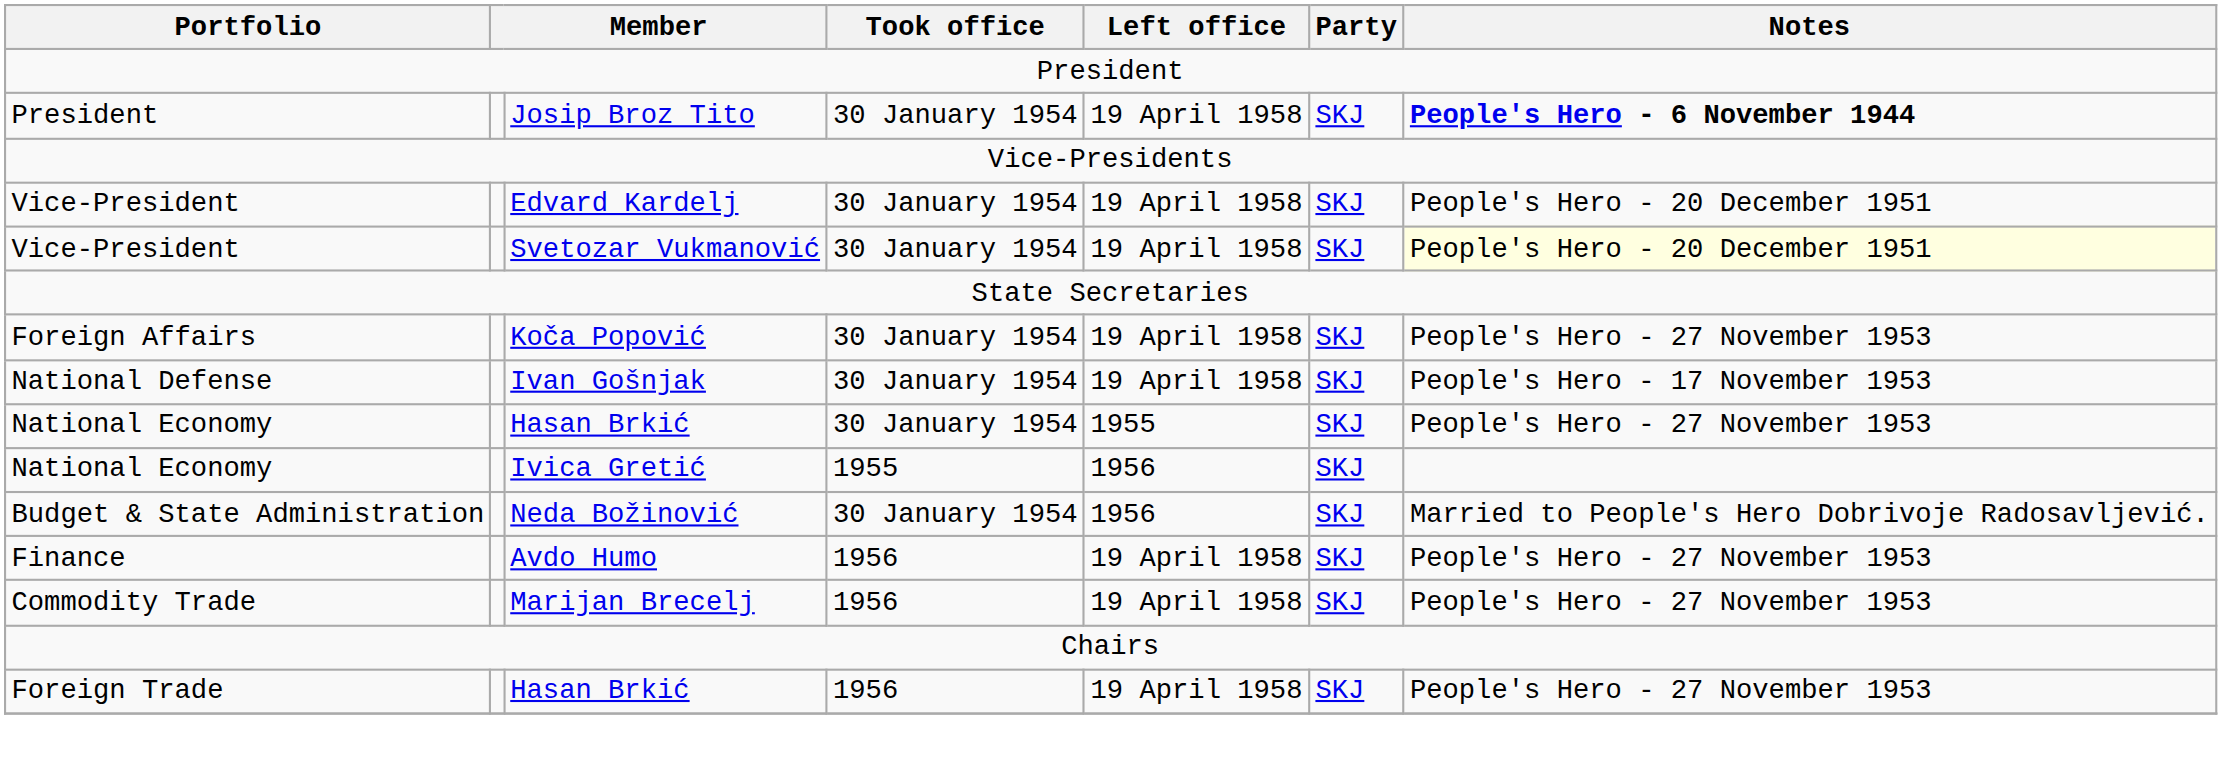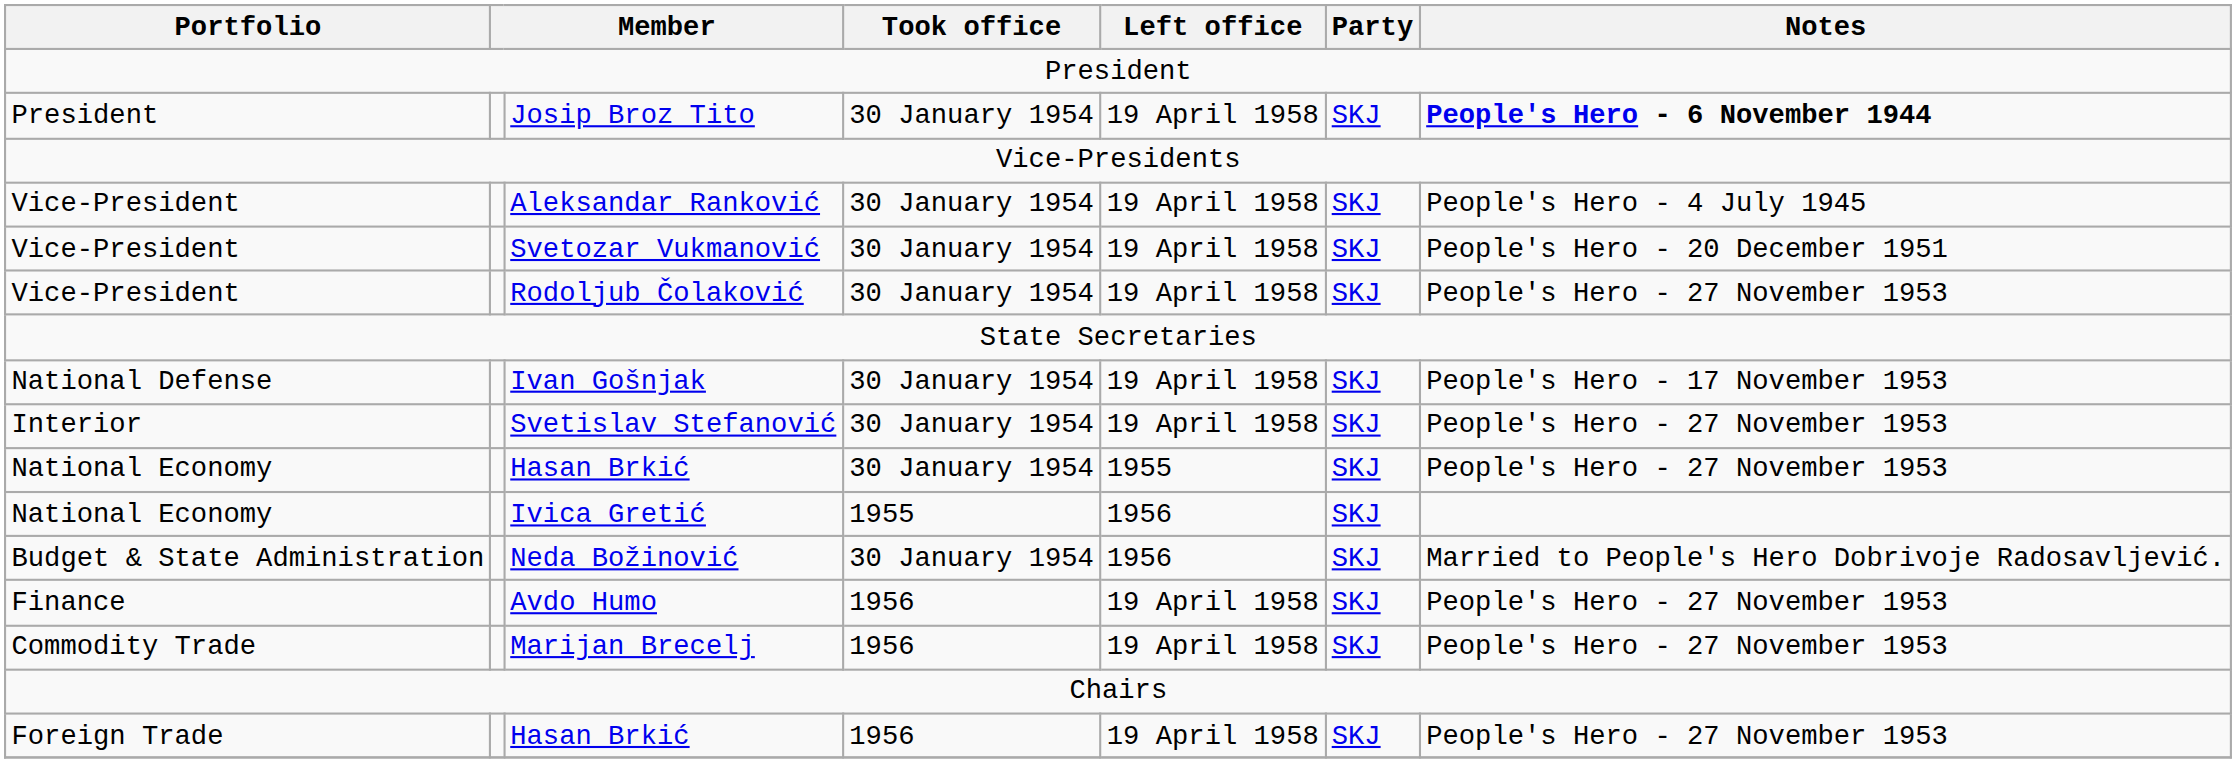 <table class="wikitable">
 <tr>
 <th style="text-align: center;">Portfolio</th>
 <th colspan="2" style="text-align: center;">Member</th>
 <th style="text-align: center;">Took office</th>
 <th style="text-align: center;">Left office</th>
 <th style="text-align: center;">Party</th>
 <th style="text-align: center;">Notes</th>
 </tr>
 <tr>
 <td colspan="7" style="text-align: center;">President</td>
 </tr>
 <tr>
 <td>President</td>
 <td style="background:"></td>
 <td><a href='#'>Josip Broz Tito</a></td>
 <td>30 January 1954</td>
 <td>19 April 1958</td>
 <td><a href='#'>SKJ</a></td>
 <td><strong><a href='#'>People's Hero</a> - 6 November 1944</strong></td>
 </tr>
 <tr>
 <td colspan="7" style="text-align: center;">Vice-Presidents</td>
 </tr>
 <tr>
 <td>Vice-President</td>
 <td style="background:"></td>
-<td><a href='#'>Edvard Kardelj</a></td>
+<td><a href='#'>Aleksandar Ranković</a></td>
+<td>30 January 1954</td>
+<td>19 April 1958</td>
+<td><a href='#'>SKJ</a></td>
+<td>People's Hero - 4 July 1945</td>
+</tr>
+<tr>
+<td>Vice-President</td>
+<td style="background:"></td>
+<td><a href='#'>Svetozar Vukmanović</a></td>
 <td>30 January 1954</td>
 <td>19 April 1958</td>
 <td><a href='#'>SKJ</a></td>
 <td>People's Hero - 20 December 1951</td>
 </tr>
 <tr>
 <td>Vice-President</td>
 <td style="background:"></td>
-<td><a href='#'>Svetozar Vukmanović</a></td>
-<td>30 January 1954</td>
-<td>19 April 1958</td>
-<td><a href='#'>SKJ</a></td>
-<td style="background: lightyellow;">People's Hero - 20 December 1951</td>
-</tr>
-<tr>
-<td colspan="7" style="text-align: center;">State Secretaries</td>
-</tr>
-<tr>
-<td>Foreign Affairs</td>
-<td style="background:"></td>
-<td><a href='#'>Koča Popović</a></td>
+<td><a href='#'>Rodoljub Čolaković</a></td>
 <td>30 January 1954</td>
 <td>19 April 1958</td>
 <td><a href='#'>SKJ</a></td>
 <td>People's Hero - 27 November 1953</td>
+</tr>
+<tr>
+<td colspan="7" style="text-align: center;">State Secretaries</td>
 </tr>
 <tr>
 <td>National Defense</td>
 <td style="background:"></td>
 <td><a href='#'>Ivan Gošnjak</a></td>
 <td>30 January 1954</td>
 <td>19 April 1958</td>
 <td><a href='#'>SKJ</a></td>
 <td>People's Hero - 17 November 1953</td>
+</tr>
+<tr>
+<td>Interior</td>
+<td style="background:"></td>
+<td><a href='#'>Svetislav Stefanović</a></td>
+<td>30 January 1954</td>
+<td>19 April 1958</td>
+<td><a href='#'>SKJ</a></td>
+<td>People's Hero - 27 November 1953</td>
 </tr>
 <tr>
 <td>National Economy</td>
 <td style="background:"></td>
 <td><a href='#'>Hasan Brkić</a></td>
 <td>30 January 1954</td>
 <td>1955</td>
 <td><a href='#'>SKJ</a></td>
 <td>People's Hero - 27 November 1953</td>
 </tr>
 <tr>
 <td>National Economy</td>
 <td style="background:"></td>
 <td><a href='#'>Ivica Gretić</a></td>
 <td>1955</td>
 <td>1956</td>
 <td><a href='#'>SKJ</a></td>
 <td></td>
 </tr>
 <tr>
 <td>Budget & State Administration</td>
 <td style="background:"></td>
 <td><a href='#'>Neda Božinović</a></td>
 <td>30 January 1954</td>
 <td>1956</td>
 <td><a href='#'>SKJ</a></td>
 <td>Married to People's Hero Dobrivoje Radosavljević.</td>
 </tr>
 <tr>
 <td>Finance</td>
 <td style="background:"></td>
 <td><a href='#'>Avdo Humo</a></td>
 <td>1956</td>
 <td>19 April 1958</td>
 <td><a href='#'>SKJ</a></td>
 <td>People's Hero - 27 November 1953</td>
 </tr>
 <tr>
 <td>Commodity Trade</td>
 <td style="background:"></td>
 <td><a href='#'>Marijan Brecelj</a></td>
 <td>1956</td>
 <td>19 April 1958</td>
 <td><a href='#'>SKJ</a></td>
 <td>People's Hero - 27 November 1953</td>
 </tr>
 <tr>
 <td colspan="7" style="text-align: center;">Chairs</td>
 </tr>
 <tr>
 <td>Foreign Trade</td>
 <td style="background:"></td>
 <td><a href='#'>Hasan Brkić</a></td>
 <td>1956</td>
 <td>19 April 1958</td>
 <td><a href='#'>SKJ</a></td>
 <td>People's Hero - 27 November 1953</td>
 </tr>
 <tr>
 </tr>
 </table>
